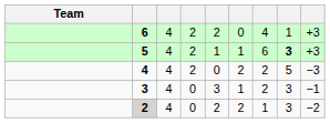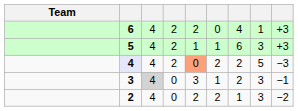 <table class="wikitable" style="text-align: center;">
 <tr>
 <th style="width:165px;">Team</th>
 <th width="25"></th>
 <th width="25"></th>
 <th width="25"></th>
 <th width="25"></th>
 <th width="25"></th>
 <th width="25"></th>
 <th width="25"></th>
 <th width="25"></th>
 </tr>
 <tr style="background:#cfc;">
 <td align="left"></td>
 <td><strong>6</strong></td>
 <td>4</td>
 <td>2</td>
 <td>2</td>
 <td>0</td>
 <td>4</td>
 <td>1</td>
 <td>+3</td>
 </tr>
 <tr style="background:#cfc;">
 <td align="left"></td>
 <td><strong>5</strong></td>
 <td>4</td>
 <td>2</td>
 <td>1</td>
 <td>1</td>
 <td>6</td>
-<td><strong>3</strong></td>
+<td>3</td>
 <td>+3</td>
 </tr>
 <tr>
 <td align="left"></td>
-<td><strong>4</strong></td>
+<td style="background: lavender;"><strong>4</strong></td>
 <td>4</td>
 <td>2</td>
-<td>0</td>
+<td style="background: lightsalmon;">0</td>
 <td>2</td>
 <td>2</td>
 <td>5</td>
 <td>−3</td>
 </tr>
 <tr>
 <td align="left"></td>
 <td><strong>3</strong></td>
-<td>4</td>
+<td style="background: lightgrey;">4</td>
 <td>0</td>
 <td>3</td>
 <td>1</td>
 <td>2</td>
 <td>3</td>
 <td>−1</td>
 </tr>
 <tr>
 <td align="left"></td>
-<td style="background: lightgrey;"><strong>2</strong></td>
+<td><strong>2</strong></td>
 <td>4</td>
 <td>0</td>
 <td>2</td>
 <td>2</td>
 <td>1</td>
 <td>3</td>
 <td>−2</td>
 </tr>
 </table>
